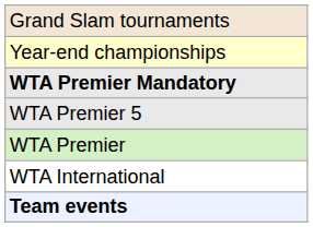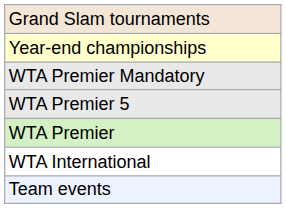 <table class=wikitable style=font-size:90%;width:14%>
 <tr style="background:#F3E6D7;">
 <td>Grand Slam tournaments</td>
 </tr>
 <tr style="background:#ffc;">
 <td>Year-end championships</td>
 </tr>
 <tr style="background:#e9e9e9;">
-<td><strong>WTA Premier Mandatory</strong></td>
+<td>WTA Premier Mandatory</td>
 </tr>
 <tr style="background:#E9E9E9;">
 <td>WTA Premier 5</td>
 </tr>
 <tr style="background:#D4F1C5;">
 <td>WTA Premier</td>
 </tr>
 <tr style="background:#fff;">
 <td>WTA International</td>
 </tr>
 <tr style="background:#ECF2FF;">
-<td><strong>Team events</strong></td>
+<td>Team events</td>
 </tr>
 </table>
